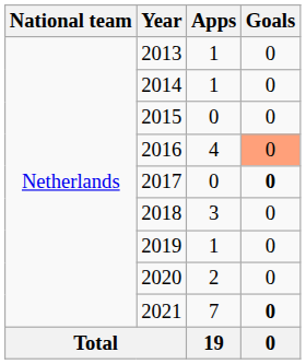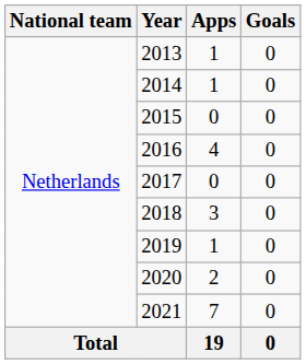 <table class=wikitable style="text-align: center;">
 <tr>
 <th>National team</th>
 <th>Year</th>
 <th>Apps</th>
 <th>Goals</th>
 </tr>
 <tr>
 <td rowspan=9><a href='#'>Netherlands</a></td>
 <td>2013</td>
 <td>1</td>
 <td>0</td>
 </tr>
 <tr>
 <td>2014</td>
 <td>1</td>
 <td>0</td>
 </tr>
 <tr>
 <td>2015</td>
 <td>0</td>
 <td>0</td>
 </tr>
 <tr>
 <td>2016</td>
 <td>4</td>
-<td style="background: lightsalmon;">0</td>
+<td>0</td>
 </tr>
 <tr>
 <td>2017</td>
 <td>0</td>
-<td><strong>0</strong></td>
+<td>0</td>
 </tr>
 <tr>
 <td>2018</td>
 <td>3</td>
 <td>0</td>
 </tr>
 <tr>
 <td>2019</td>
 <td>1</td>
 <td>0</td>
 </tr>
 <tr>
 <td>2020</td>
 <td>2</td>
 <td>0</td>
 </tr>
 <tr>
 <td>2021</td>
 <td>7</td>
-<td><strong>0</strong></td>
+<td>0</td>
 </tr>
 <tr>
 <th colspan=2>Total</th>
 <th>19</th>
 <th>0</th>
 </tr>
 </table>
